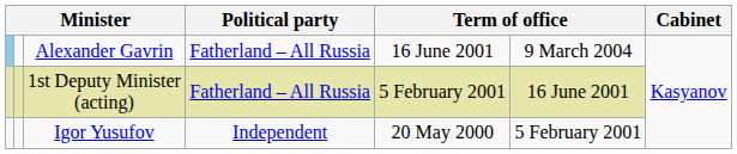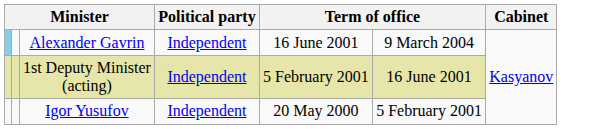 <table class="wikitable" style="text-align:center;">
 <tr>
 <th colspan=3>Minister</th>
 <th>Political party</th>
 <th colspan=2>Term of office</th>
 <th>Cabinet</th>
 </tr>
 <tr>
 <td style="background:skyblue;"></td>
 <td></td>
 <td><a href='#'>Alexander Gavrin</a></td>
-<td><a href='#'>Fatherland – All Russia</a></td>
+<td><a href='#'>Independent</a></td>
 <td>16 June 2001</td>
 <td>9 March 2004</td>
 <td rowspan=3><a href='#'>Kasyanov</a></td>
 </tr>
 <tr bgcolor=#E6E6AA>
 <td style="background: "></td>
 <td></td>
 <td>1st Deputy Minister<br>(acting)</td>
-<td><a href='#'>Fatherland – All Russia</a></td>
+<td><a href='#'>Independent</a></td>
 <td>5 February 2001</td>
 <td>16 June 2001</td>
 </tr>
 <tr>
 <td style="background: "></td>
 <td></td>
 <td><a href='#'>Igor Yusufov</a></td>
 <td><a href='#'>Independent</a></td>
 <td>20 May 2000</td>
 <td>5 February 2001</td>
 </tr>
 </table>
